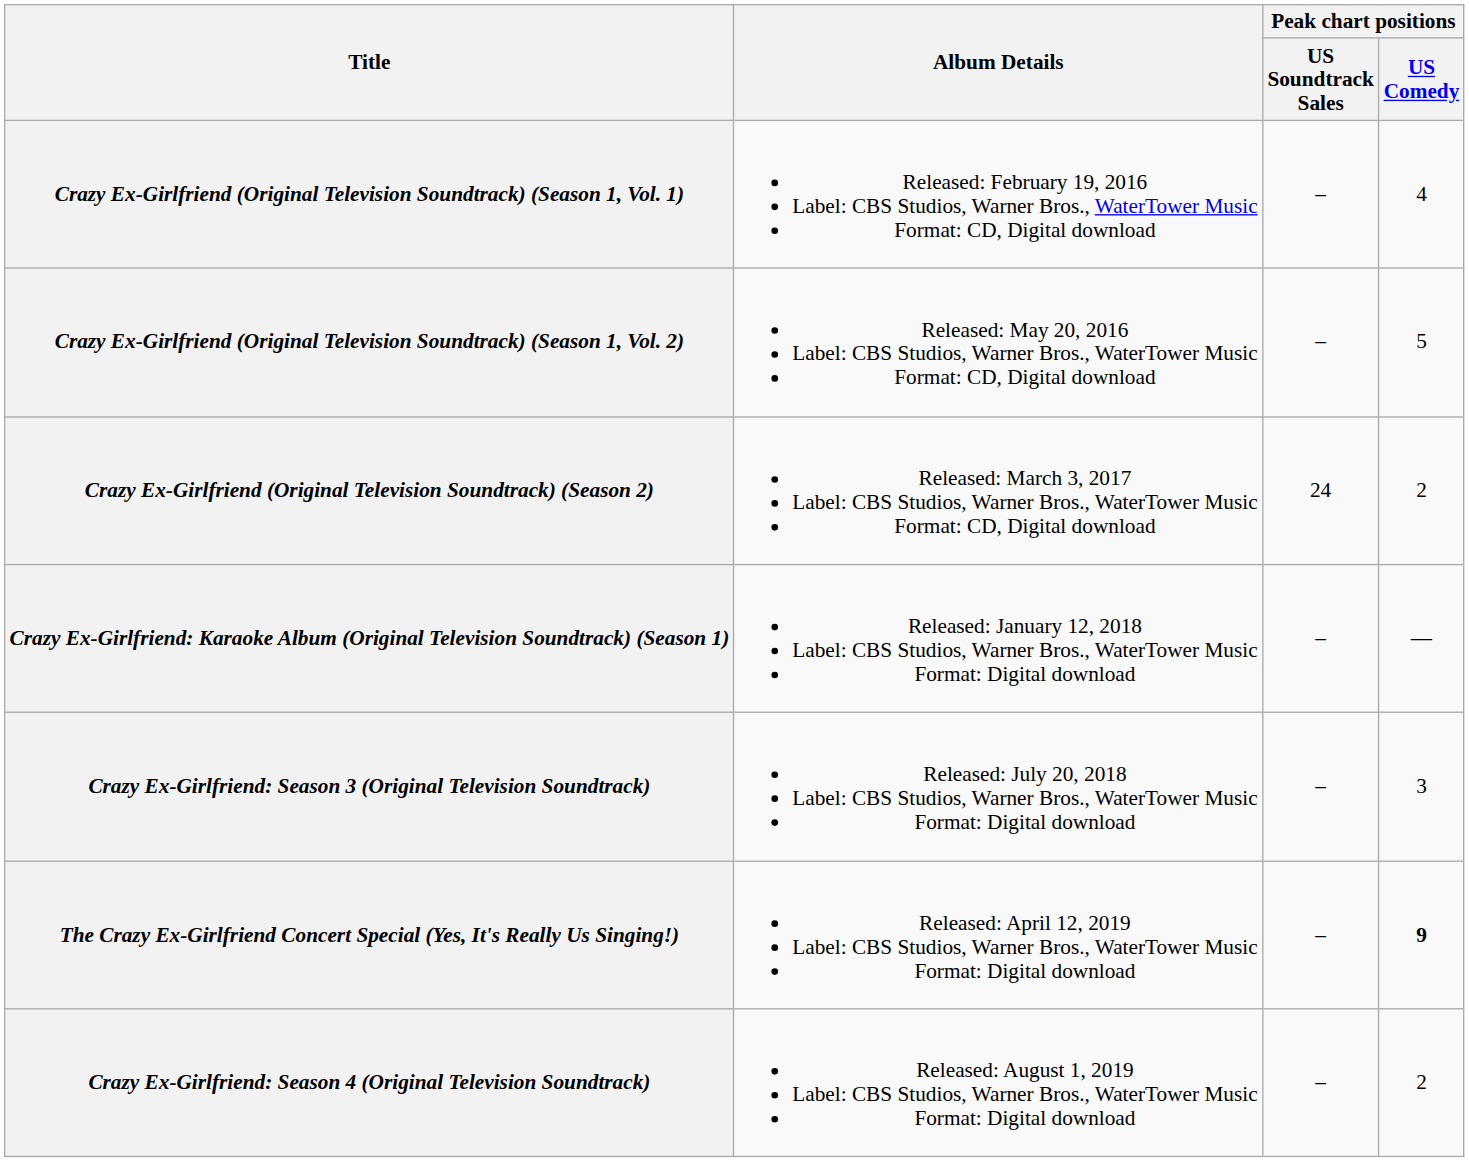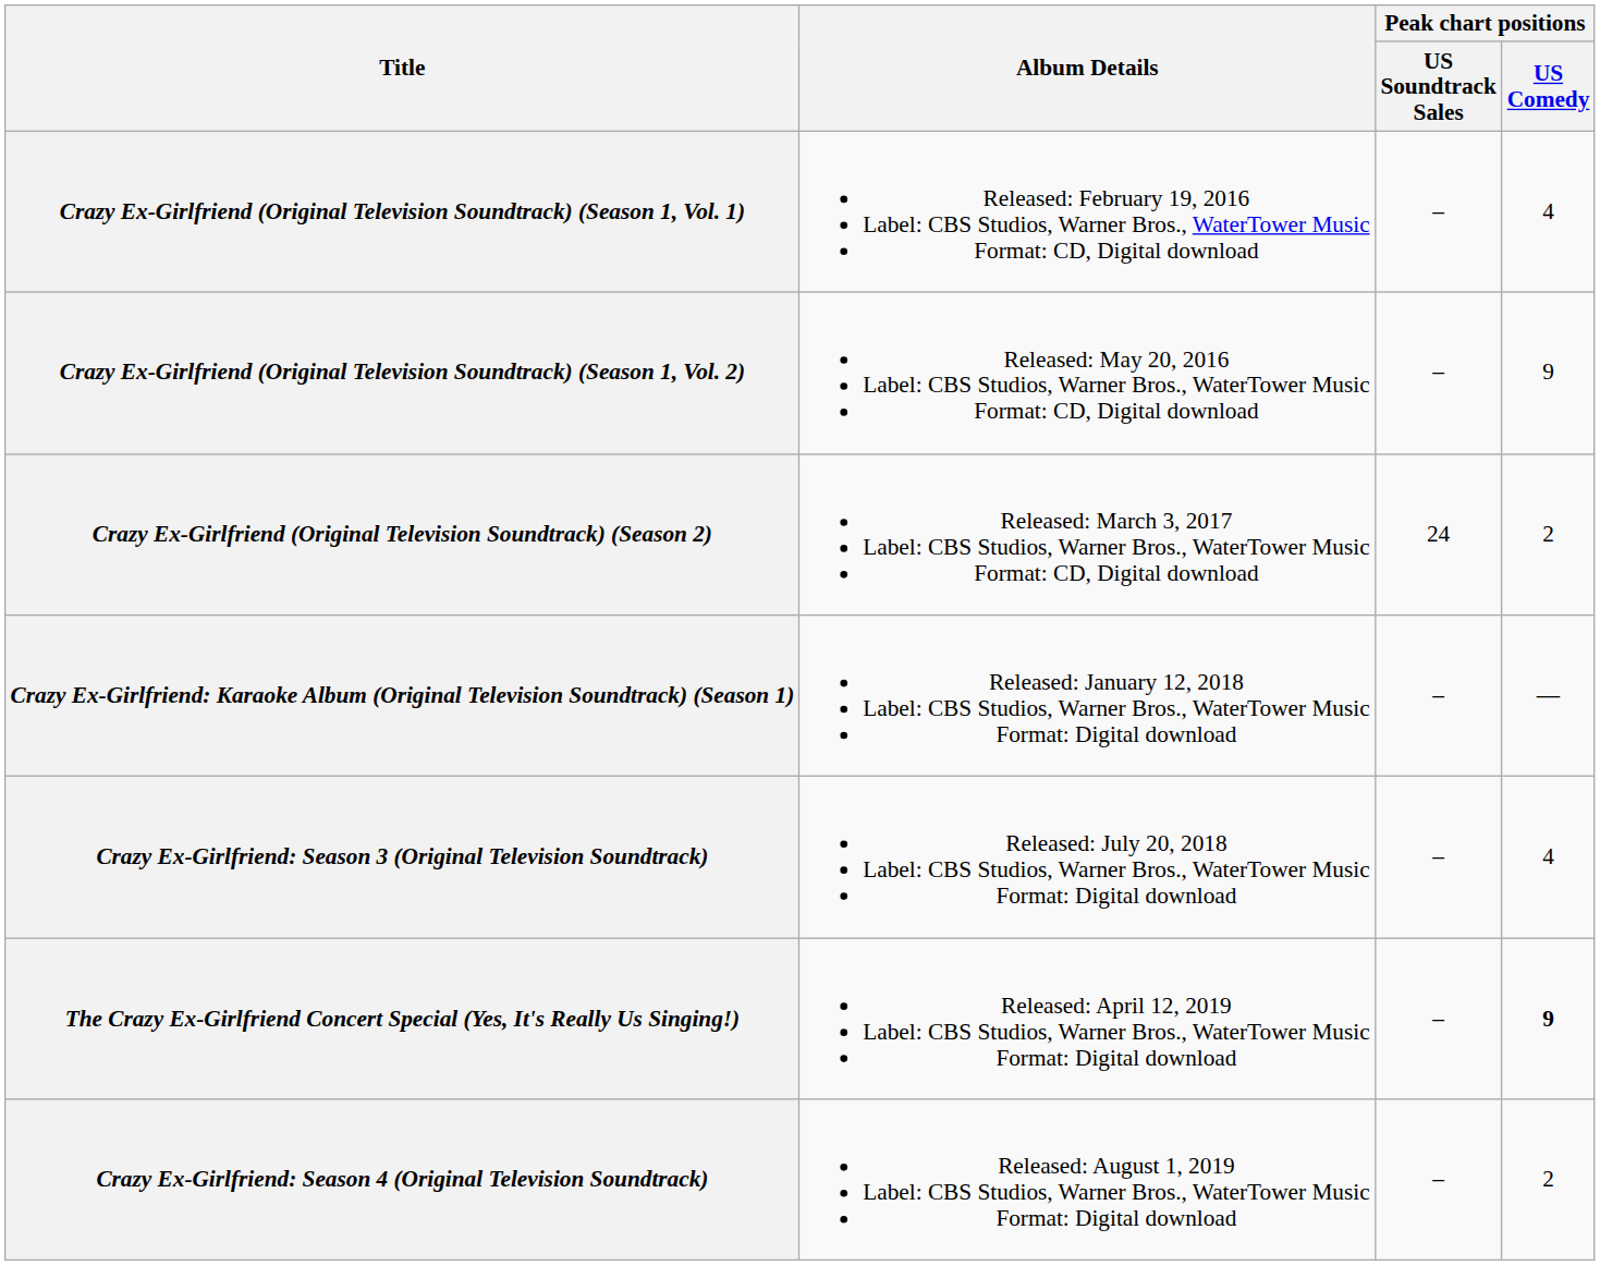 <table class="wikitable plainrowheaders" style="text-align:center">
 <tr>
 <th rowspan="2">Title</th>
 <th rowspan="2">Album Details</th>
 <th colspan="2">Peak chart positions</th>
 </tr>
 <tr>
 <th scope="col">US<br>Soundtrack<br>Sales</th>
 <th scope="col"><a href='#'>US<br>Comedy</a></th>
 </tr>
 <tr>
 <th scope="row"><em>Crazy Ex-Girlfriend (Original Television Soundtrack) (Season 1, Vol. 1)</em></th>
 <td><br><ul><li>Released: February 19, 2016</li><li>Label: CBS Studios, Warner Bros., <a href='#'>WaterTower Music</a></li><li>Format: CD, Digital download</li></ul></td>
 <td>–</td>
 <td>4</td>
 </tr>
 <tr>
 <th scope="row"><em>Crazy Ex-Girlfriend (Original Television Soundtrack) (Season 1, Vol. 2)</em></th>
 <td><br><ul><li>Released: May 20, 2016</li><li>Label: CBS Studios, Warner Bros., WaterTower Music</li><li>Format: CD, Digital download</li></ul></td>
 <td>–</td>
-<td>5</td>
+<td>9</td>
 </tr>
 <tr>
 <th scope="row"><em>Crazy Ex-Girlfriend (Original Television Soundtrack) (Season 2)</em></th>
 <td><br><ul><li>Released: March 3, 2017</li><li>Label: CBS Studios, Warner Bros., WaterTower Music</li><li>Format: CD, Digital download</li></ul></td>
 <td>24</td>
 <td>2</td>
 </tr>
 <tr>
 <th scope="row"><em>Crazy Ex-Girlfriend: Karaoke Album (Original Television Soundtrack) (Season 1)</em></th>
 <td><br><ul><li>Released: January 12, 2018</li><li>Label: CBS Studios, Warner Bros., WaterTower Music</li><li>Format: Digital download</li></ul></td>
 <td>–</td>
 <td>—</td>
 </tr>
 <tr>
 <th scope="row"><em>Crazy Ex-Girlfriend: Season 3 (Original Television Soundtrack)</em></th>
 <td><br><ul><li>Released: July 20, 2018</li><li>Label: CBS Studios, Warner Bros., WaterTower Music</li><li>Format: Digital download</li></ul></td>
 <td>–</td>
-<td>3</td>
+<td>4</td>
 </tr>
 <tr>
 <th scope="row"><em>The Crazy Ex-Girlfriend Concert Special (Yes, It's Really Us Singing!)</em></th>
 <td><br><ul><li>Released: April 12, 2019</li><li>Label: CBS Studios, Warner Bros., WaterTower Music</li><li>Format: Digital download</li></ul></td>
 <td>–</td>
 <td><strong>9</strong></td>
 </tr>
 <tr>
 <th scope="row"><em>Crazy Ex-Girlfriend: Season 4 (Original Television Soundtrack)</em></th>
 <td><br><ul><li>Released: August 1, 2019</li><li>Label: CBS Studios, Warner Bros., WaterTower Music</li><li>Format: Digital download</li></ul></td>
 <td>–</td>
 <td>2</td>
 </tr>
 </table>
